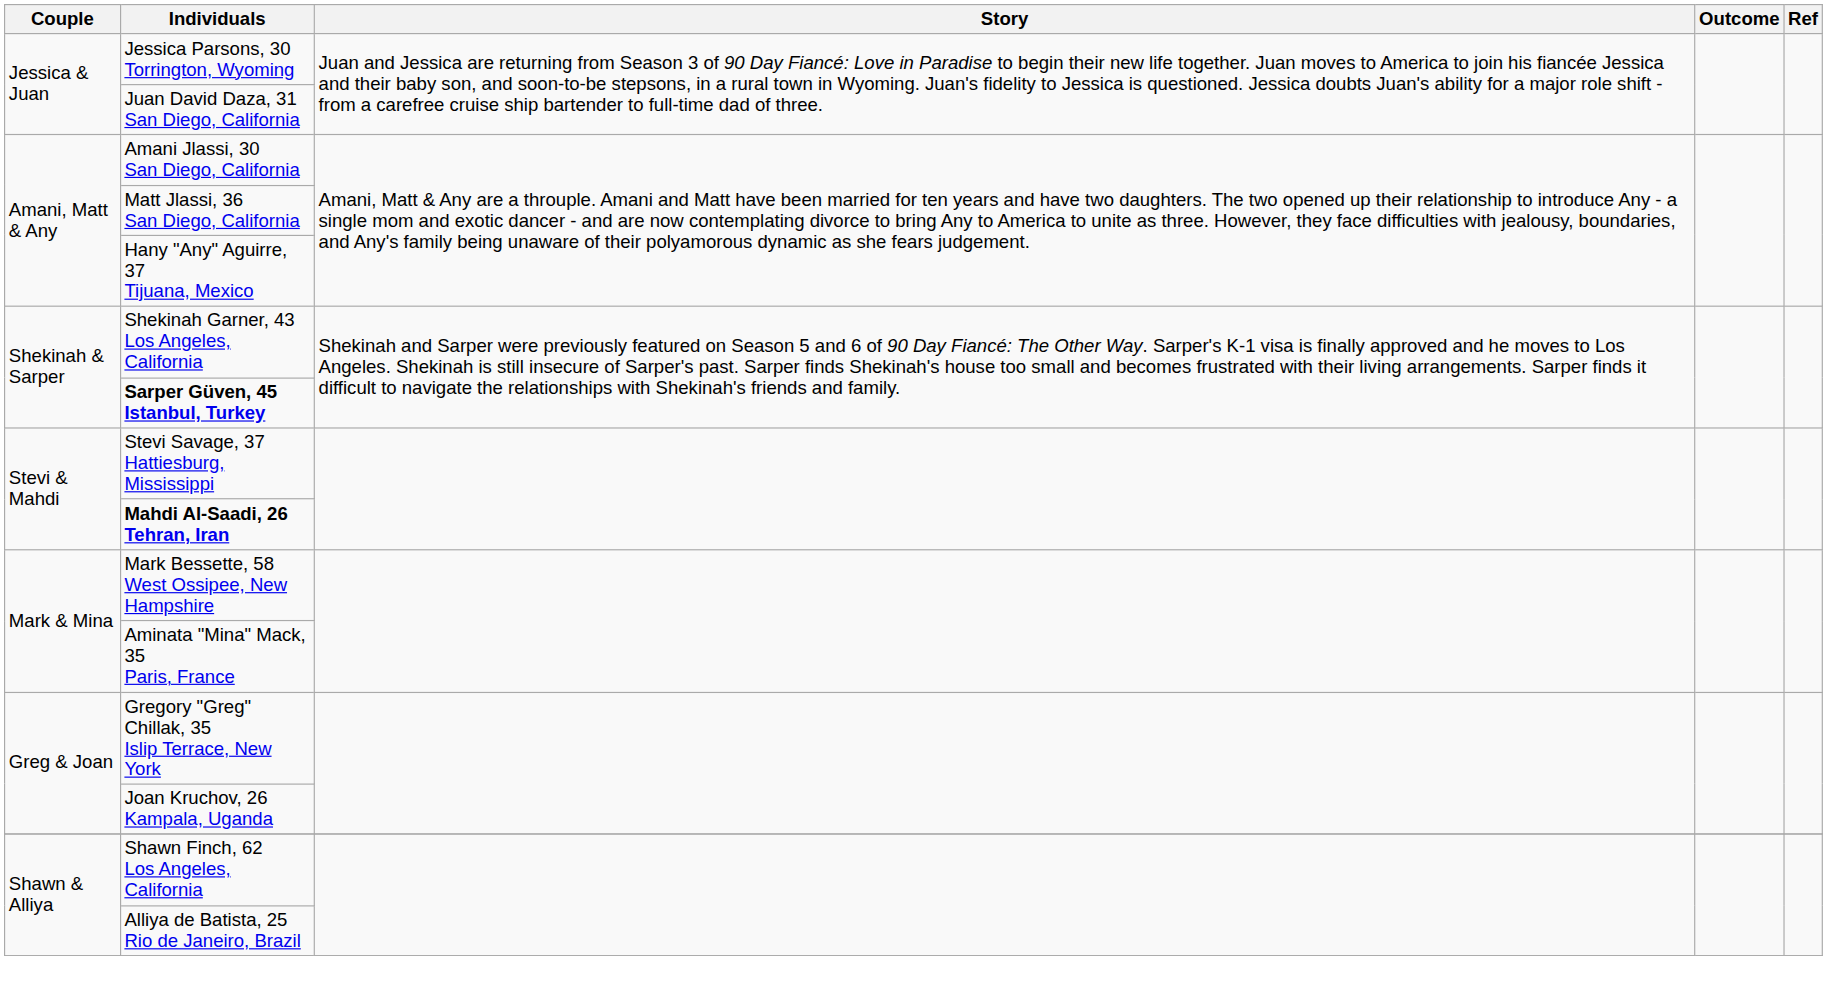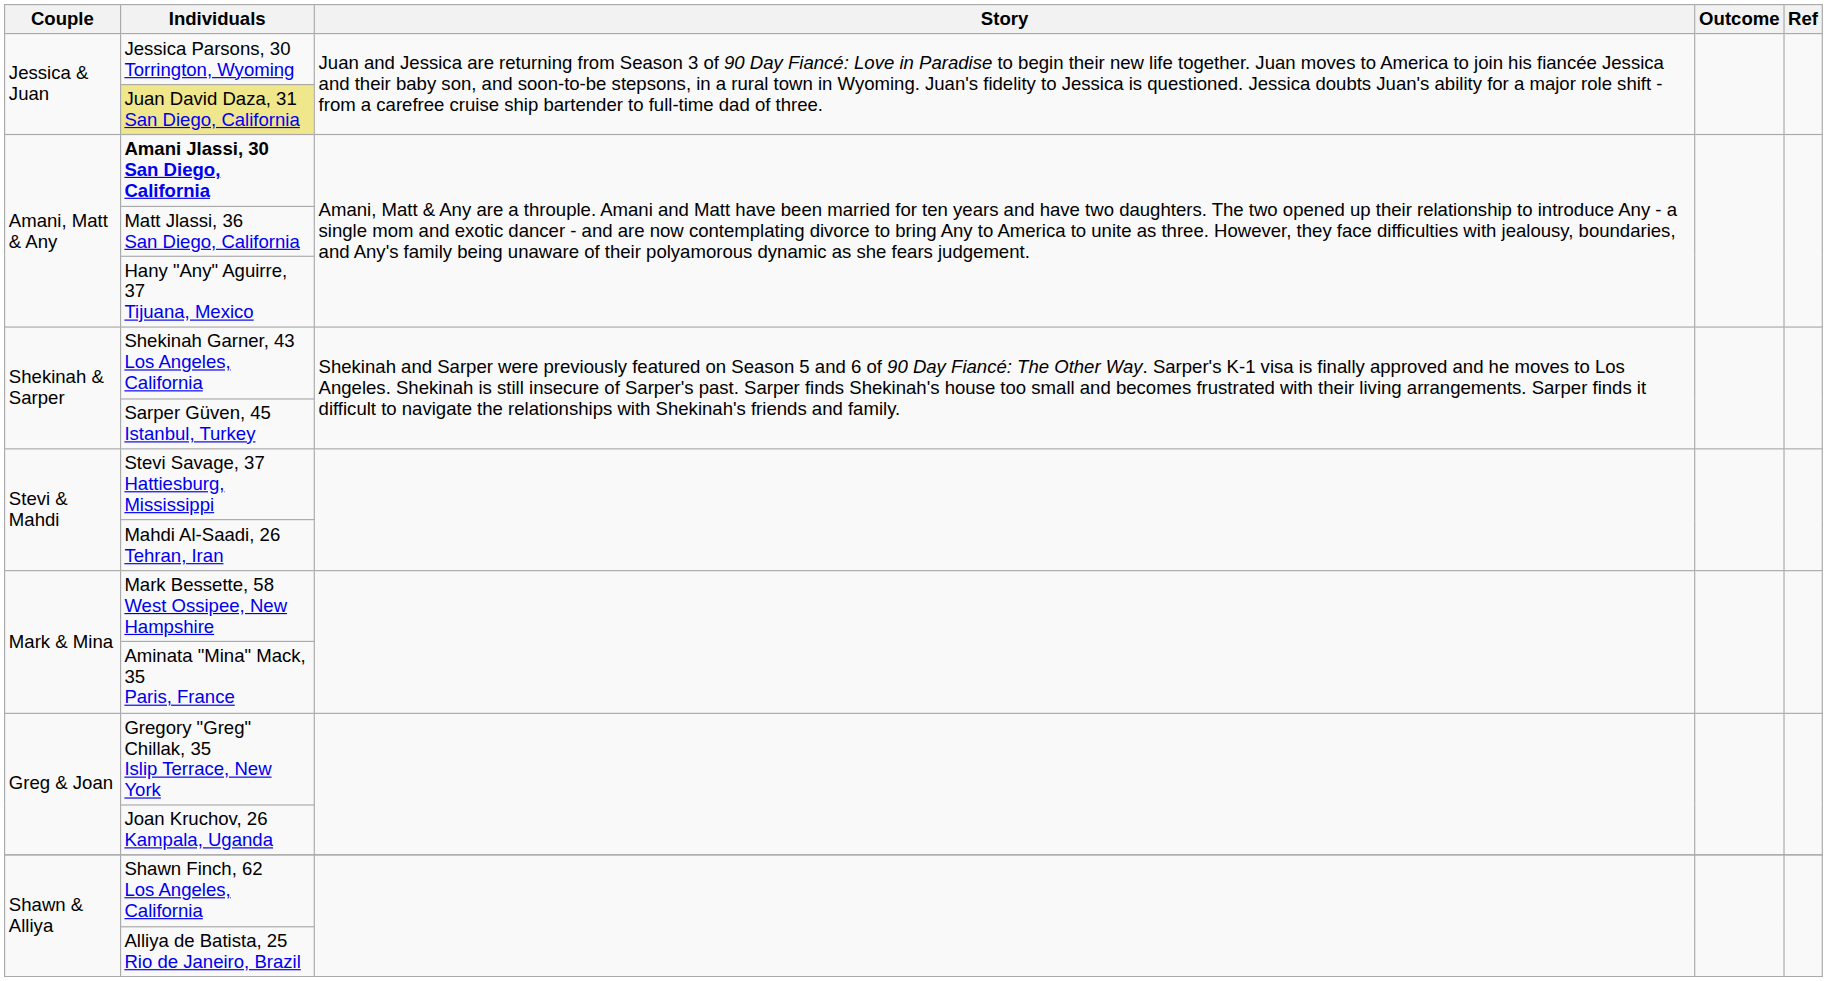 <table class="wikitable sortable">
 <tr>
 <th>Couple</th>
 <th style=width:10em>Individuals</th>
 <th>Story</th>
 <th>Outcome</th>
 <th style=width:1em>Ref</th>
 </tr>
 <tr>
 <td rowspan="2">Jessica & Juan</td>
 <td>Jessica Parsons, 30<br><a href='#'>Torrington, Wyoming</a></td>
 <td rowspan="2">Juan and Jessica are returning from Season 3 of <em>90 Day Fiancé: Love in Paradise</em> to begin their new life together. Juan moves to America to join his fiancée Jessica and their baby son, and soon-to-be stepsons, in a rural town in Wyoming. Juan's fidelity to Jessica is questioned. Jessica doubts Juan's ability for a major role shift - from a carefree cruise ship bartender to full-time dad of three.</td>
 <td rowspan="2"></td>
 <td rowspan="2"></td>
 </tr>
 <tr>
-<td>Juan David Daza, 31<br><a href='#'>San Diego, California</a></td>
+<td style="background: khaki;">Juan David Daza, 31<br><a href='#'>San Diego, California</a></td>
 </tr>
 <tr>
 <td rowspan="3">Amani, Matt & Any</td>
-<td>Amani Jlassi, 30<br><a href='#'>San Diego, California</a></td>
+<td><strong>Amani Jlassi, 30<br><a href='#'>San Diego, California</a></strong></td>
 <td rowspan="3">Amani, Matt & Any are a throuple. Amani and Matt have been married for ten years and have two daughters. The two opened up their relationship to introduce Any - a single mom and exotic dancer - and are now contemplating divorce to bring Any to America to unite as three. However, they face difficulties with jealousy, boundaries, and Any's family being unaware of their polyamorous dynamic as she fears judgement.</td>
 <td rowspan="3"></td>
 <td rowspan="3"></td>
 </tr>
 <tr>
 <td>Matt Jlassi, 36<br><a href='#'>San Diego, California</a></td>
 </tr>
 <tr>
 <td>Hany "Any" Aguirre, 37<br><a href='#'>Tijuana, Mexico</a></td>
 </tr>
 <tr>
 <td rowspan="2">Shekinah & Sarper</td>
 <td>Shekinah Garner, 43<br><a href='#'>Los Angeles, California</a></td>
 <td rowspan="2">Shekinah and Sarper were previously featured on Season 5 and 6 of <em>90 Day Fiancé: The Other Way</em>. Sarper's K-1 visa is finally approved and he moves to Los Angeles. Shekinah is still insecure of Sarper's past. Sarper finds Shekinah's house too small and becomes frustrated with their living arrangements. Sarper finds it difficult to navigate the relationships with Shekinah's friends and family.</td>
 <td rowspan="2"></td>
 <td rowspan="2"></td>
 </tr>
 <tr>
-<td><strong>Sarper Güven, 45<br><a href='#'>Istanbul, Turkey</a></strong></td>
+<td>Sarper Güven, 45<br><a href='#'>Istanbul, Turkey</a></td>
 </tr>
 <tr>
 <td rowspan="2">Stevi & Mahdi</td>
 <td>Stevi Savage, 37<br><a href='#'>Hattiesburg, Mississippi</a></td>
 <td rowspan="2"></td>
 <td rowspan="2"></td>
 <td rowspan="2"></td>
 </tr>
 <tr>
-<td><strong>Mahdi Al-Saadi, 26<br><a href='#'>Tehran, Iran</a></strong></td>
+<td>Mahdi Al-Saadi, 26<br><a href='#'>Tehran, Iran</a></td>
 </tr>
 <tr>
 <td rowspan="2">Mark & Mina</td>
 <td>Mark Bessette, 58<br><a href='#'>West Ossipee, New Hampshire</a></td>
 <td rowspan="2"></td>
 <td rowspan="2"></td>
 <td rowspan="2"></td>
 </tr>
 <tr>
 <td>Aminata "Mina" Mack, 35<br><a href='#'>Paris, France</a></td>
 </tr>
 <tr>
 <td rowspan="2">Greg & Joan</td>
 <td>Gregory "Greg" Chillak, 35<br><a href='#'>Islip Terrace, New York</a></td>
 <td rowspan="2"></td>
 <td rowspan="2"></td>
 <td rowspan="2"></td>
 </tr>
 <tr>
 <td>Joan Kruchov, 26<br><a href='#'>Kampala, Uganda</a></td>
 </tr>
 <tr>
 </tr>
 <tr>
 <td rowspan="2">Shawn & Alliya</td>
 <td>Shawn Finch, 62<br><a href='#'>Los Angeles, California</a></td>
 <td rowspan="2"></td>
 <td rowspan="2"></td>
 <td rowspan="2"></td>
 </tr>
 <tr>
 <td>Alliya de Batista, 25<br><a href='#'>Rio de Janeiro, Brazil</a></td>
 </tr>
 <tr>
 </tr>
 </table>
